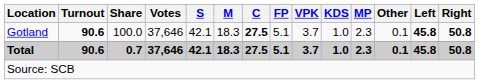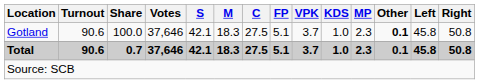 <table class="wikitable sortable" style=text-align:right>
 <tr>
 <th>Location</th>
 <th>Turnout</th>
 <th>Share</th>
 <th>Votes</th>
 <th><a href='#'>S</a></th>
 <th><a href='#'>M</a></th>
 <th><a href='#'>C</a></th>
 <th><a href='#'>FP</a></th>
 <th><a href='#'>VPK</a></th>
 <th><a href='#'>KDS</a></th>
 <th><a href='#'>MP</a></th>
 <th>Other</th>
 <th>Left</th>
 <th>Right</th>
 </tr>
 <tr>
 <td align=left><a href='#'>Gotland</a></td>
-<td><strong>90.6</strong></td>
+<td>90.6</td>
 <td>100.0</td>
 <td>37,646</td>
 <td>42.1</td>
 <td>18.3</td>
-<td><strong>27.5</strong></td>
+<td>27.5</td>
 <td>5.1</td>
 <td>3.7</td>
 <td>1.0</td>
 <td>2.3</td>
-<td>0.1</td>
-<td><strong>45.8</strong></td>
-<td><strong>50.8</strong></td>
+<td><strong>0.1</strong></td>
+<td>45.8</td>
+<td>50.8</td>
 </tr>
 <tr>
 </tr>
 <tr style="background:#CDCDCD;">
 <td align=left><strong>Total</strong></td>
 <td><strong>90.6</strong></td>
 <td><strong>0.7</strong></td>
 <td><strong>37,646</strong></td>
 <td><strong>42.1</strong></td>
 <td><strong>18.3</strong></td>
 <td><strong>27.5</strong></td>
 <td><strong>5.1</strong></td>
 <td><strong>3.7</strong></td>
 <td><strong>1.0</strong></td>
 <td><strong>2.3</strong></td>
 <td><strong>0.1</strong></td>
 <td><strong>45.8</strong></td>
 <td><strong>50.8</strong></td>
 </tr>
 <tr>
 <td align=left colspan=14>Source: SCB </td>
 </tr>
 </table>
